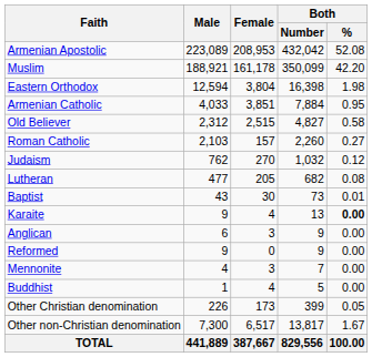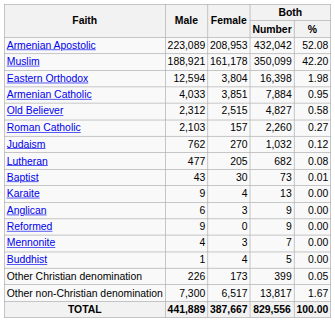 <table class="wikitable sortable">
 <tr>
 <th rowspan="2">Faith</th>
 <th rowspan="2">Male</th>
 <th rowspan="2">Female</th>
 <th colspan="2">Both</th>
 </tr>
 <tr>
 <th>Number</th>
 <th>%</th>
 </tr>
 <tr>
 <td><a href='#'>Armenian Apostolic</a></td>
 <td align="right">223,089</td>
 <td align="right">208,953</td>
 <td align="right">432,042</td>
 <td align="right">52.08</td>
 </tr>
 <tr>
 <td><a href='#'>Muslim</a></td>
 <td align="right">188,921</td>
 <td align="right">161,178</td>
 <td align="right">350,099</td>
 <td align="right">42.20</td>
 </tr>
 <tr>
 <td><a href='#'>Eastern Orthodox</a></td>
 <td align="right">12,594</td>
 <td align="right">3,804</td>
 <td align="right">16,398</td>
 <td align="right">1.98</td>
 </tr>
 <tr>
 <td><a href='#'>Armenian Catholic</a></td>
 <td align="right">4,033</td>
 <td align="right">3,851</td>
 <td align="right">7,884</td>
 <td align="right">0.95</td>
 </tr>
 <tr>
 <td><a href='#'>Old Believer</a></td>
 <td align="right">2,312</td>
 <td align="right">2,515</td>
 <td align="right">4,827</td>
 <td align="right">0.58</td>
 </tr>
 <tr>
 <td><a href='#'>Roman Catholic</a></td>
 <td align="right">2,103</td>
 <td align="right">157</td>
 <td align="right">2,260</td>
 <td align="right">0.27</td>
 </tr>
 <tr>
 <td><a href='#'>Judaism</a></td>
 <td align="right">762</td>
 <td align="right">270</td>
 <td align="right">1,032</td>
 <td align="right">0.12</td>
 </tr>
 <tr>
 <td><a href='#'>Lutheran</a></td>
 <td align="right">477</td>
 <td align="right">205</td>
 <td align="right">682</td>
 <td align="right">0.08</td>
 </tr>
 <tr>
 <td><a href='#'>Baptist</a></td>
 <td align="right">43</td>
 <td align="right">30</td>
 <td align="right">73</td>
 <td align="right">0.01</td>
 </tr>
 <tr>
 <td><a href='#'>Karaite</a></td>
 <td align="right">9</td>
 <td align="right">4</td>
 <td align="right">13</td>
-<td align="right"><strong>0.00</strong></td>
+<td align="right">0.00</td>
 </tr>
 <tr>
 <td><a href='#'>Anglican</a></td>
 <td align="right">6</td>
 <td align="right">3</td>
 <td align="right">9</td>
 <td align="right">0.00</td>
 </tr>
 <tr>
 <td><a href='#'>Reformed</a></td>
 <td align="right">9</td>
 <td align="right">0</td>
 <td align="right">9</td>
 <td align="right">0.00</td>
 </tr>
 <tr>
 <td><a href='#'>Mennonite</a></td>
 <td align="right">4</td>
 <td align="right">3</td>
 <td align="right">7</td>
 <td align="right">0.00</td>
 </tr>
 <tr>
 <td><a href='#'>Buddhist</a></td>
 <td align="right">1</td>
 <td align="right">4</td>
 <td align="right">5</td>
 <td align="right">0.00</td>
 </tr>
 <tr>
 <td>Other Christian denomination</td>
 <td align="right">226</td>
 <td align="right">173</td>
 <td align="right">399</td>
 <td align="right">0.05</td>
 </tr>
 <tr>
 <td>Other non-Christian denomination</td>
 <td align="right">7,300</td>
 <td align="right">6,517</td>
 <td align="right">13,817</td>
 <td align="right">1.67</td>
 </tr>
 <tr>
 <th>TOTAL</th>
 <th>441,889</th>
 <th>387,667</th>
 <th>829,556</th>
 <th>100.00</th>
 </tr>
 </table>
